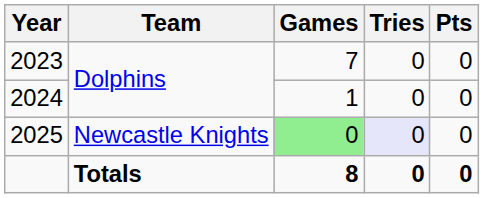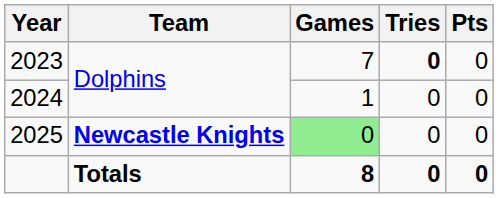 <table class="wikitable">
 <tr>
 <th>Year</th>
 <th>Team</th>
 <th>Games</th>
 <th>Tries</th>
 <th>Pts</th>
 </tr>
 <tr>
 <td>2023</td>
 <td rowspan="2"> <a href='#'>Dolphins</a></td>
 <td align=right>7</td>
-<td align=right>0</td>
+<td align=right><strong>0</strong></td>
 <td align=right>0</td>
 </tr>
 <tr>
 <td>2024</td>
 <td align=right>1</td>
 <td align=right>0</td>
 <td align=right>0</td>
 </tr>
 <tr>
 <td>2025</td>
-<td> <a href='#'>Newcastle Knights</a></td>
+<td><strong> <a href='#'>Newcastle Knights</a></strong></td>
 <td align="right" style="background: lightgreen;">0</td>
-<td align=right style="background: lavender;">0</td>
+<td align=right>0</td>
 <td align=right>0</td>
 </tr>
 <tr>
 <td></td>
 <td><strong>Totals</strong></td>
 <td align=right><strong>8</strong></td>
 <td align=right><strong>0</strong></td>
 <td align=right><strong>0</strong></td>
 </tr>
 </table>
